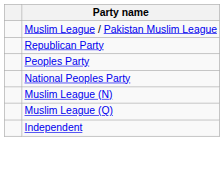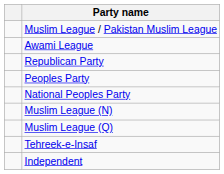 <table class="wikitable plainrowheaders" border="2">
 <tr>
 <th scope="col" style="width:20px"></th>
 <th scope="col">Party name</th>
 </tr>
 <tr>
 <td style="background-color:"></td>
 <td><a href='#'>Muslim League</a> / <a href='#'>Pakistan Muslim League</a></td>
+</tr>
+<tr>
+<td style="background-color:"></td>
+<td><a href='#'>Awami League</a></td>
 </tr>
 <tr>
 <td style="background-color:"></td>
 <td><a href='#'>Republican Party</a></td>
 </tr>
 <tr>
 <td style="background-color:"></td>
 <td><a href='#'>Peoples Party</a></td>
 </tr>
 <tr>
 <td style="background-color:"></td>
 <td><a href='#'>National Peoples Party</a></td>
 </tr>
 <tr>
 <td style="background-color:"></td>
 <td><a href='#'>Muslim League (N)</a></td>
 </tr>
 <tr>
 <td style="background-color:"></td>
 <td><a href='#'>Muslim League (Q)</a></td>
 </tr>
 <tr>
 <td style="background-color:"></td>
+<td><a href='#'>Tehreek-e-Insaf</a></td>
+</tr>
+<tr>
+<td style="background-color:"></td>
 <td><a href='#'>Independent</a></td>
 </tr>
 </table>
